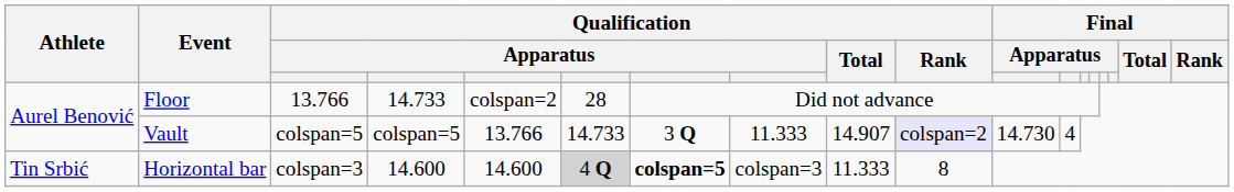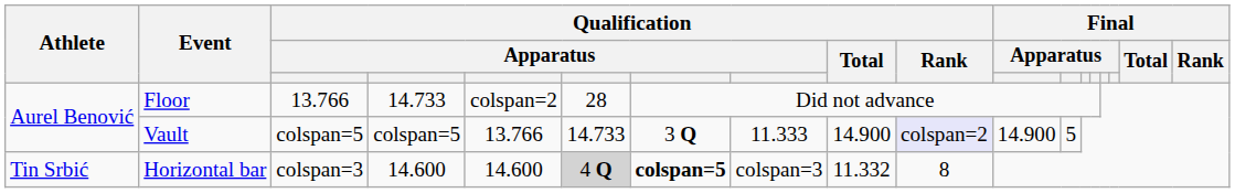 <table class="wikitable" style="font-size:90%">
 <tr>
 <th rowspan=3>Athlete</th>
 <th rowspan=3>Event</th>
 <th colspan=8>Qualification</th>
 <th colspan=8>Final</th>
 </tr>
 <tr style="font-size:95%">
 <th colspan=6>Apparatus</th>
 <th rowspan=2>Total</th>
 <th rowspan=2>Rank</th>
 <th colspan=6>Apparatus</th>
 <th rowspan=2>Total</th>
 <th rowspan=2>Rank</th>
 </tr>
 <tr style="font-size:95%">
 <th></th>
 <th></th>
 <th></th>
 <th></th>
 <th></th>
 <th></th>
 <th></th>
 <th></th>
 <th></th>
 <th></th>
 <th></th>
 <th></th>
 </tr>
 <tr align=center>
 <td align=left rowspan=2><a href='#'>Aurel Benović</a></td>
 <td align=left><a href='#'>Floor</a></td>
 <td>13.766</td>
 <td>14.733</td>
 <td>colspan=2 </td>
 <td>28</td>
 <td colspan=8>Did not advance</td>
 </tr>
 <tr align=center>
 <td align=left><a href='#'>Vault</a></td>
 <td>colspan=5 </td>
 <td>colspan=5 </td>
 <td>13.766</td>
 <td>14.733</td>
 <td>3 <strong>Q</strong></td>
 <td>11.333</td>
-<td>14.907</td>
+<td>14.900</td>
 <td style="background: lavender;">colspan=2 </td>
-<td>14.730</td>
-<td>4</td>
+<td>14.900</td>
+<td>5</td>
 </tr>
 <tr align=center>
 <td align=left><a href='#'>Tin Srbić</a></td>
 <td align=left><a href='#'>Horizontal bar</a></td>
 <td>colspan=3 </td>
 <td>14.600</td>
 <td>14.600</td>
 <td style="background: lightgrey;">4 <strong>Q</strong></td>
 <td><strong>colspan=5 </strong></td>
 <td>colspan=3 </td>
-<td>11.333</td>
+<td>11.332</td>
 <td>8</td>
 </tr>
 </table>
